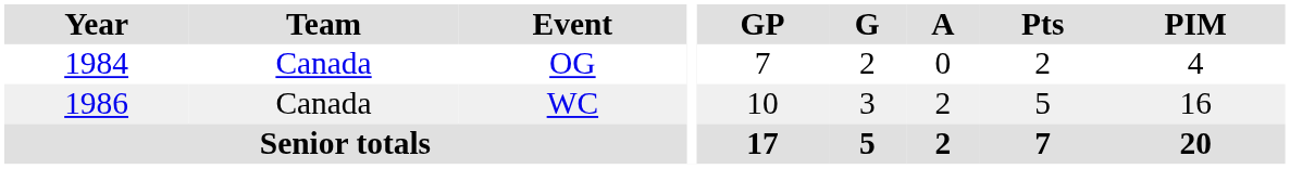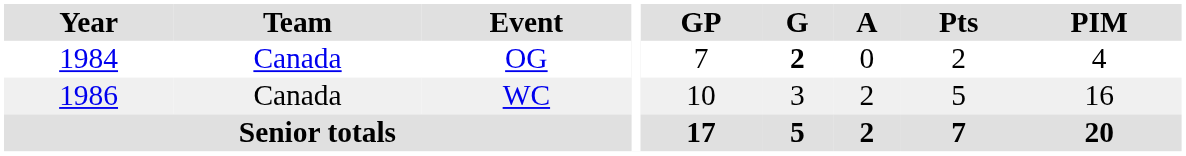 <table border="0" cellpadding="1" cellspacing="0" ID="Table3" style="text-align:center; width:40em">
 <tr ALIGN="center" bgcolor="#e0e0e0">
 <th>Year</th>
 <th>Team</th>
 <th>Event</th>
 <th rowspan="99" bgcolor="#ffffff"></th>
 <th>GP</th>
 <th>G</th>
 <th>A</th>
 <th>Pts</th>
 <th>PIM</th>
 </tr>
 <tr>
 <td><a href='#'>1984</a></td>
 <td><a href='#'>Canada</a></td>
 <td><a href='#'>OG</a></td>
 <td>7</td>
-<td>2</td>
+<td><strong>2</strong></td>
 <td>0</td>
 <td>2</td>
 <td>4</td>
 </tr>
 <tr bgcolor="#f0f0f0">
 <td><a href='#'>1986</a></td>
 <td>Canada</td>
 <td><a href='#'>WC</a></td>
 <td>10</td>
 <td>3</td>
 <td>2</td>
 <td>5</td>
 <td>16</td>
 </tr>
 <tr bgcolor="#e0e0e0">
 <th colspan="3">Senior totals</th>
 <th>17</th>
 <th>5</th>
 <th>2</th>
 <th>7</th>
 <th>20</th>
 </tr>
 </table>
